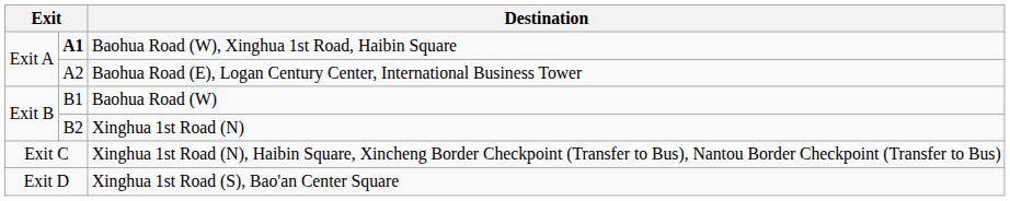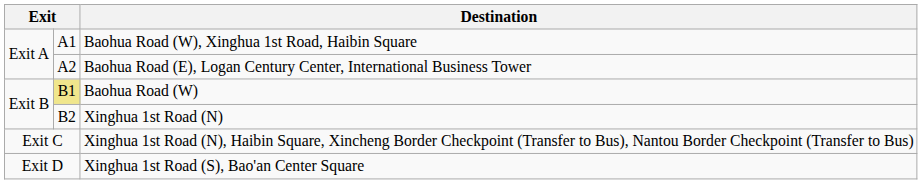 <table class="wikitable">
 <tr>
 <th style="width:70px" colspan="2">Exit</th>
 <th>Destination</th>
 </tr>
 <tr>
 <td align="center" rowspan="2">Exit A</td>
-<td align="center"><strong>A1</strong></td>
+<td align="center">A1</td>
 <td>Baohua Road (W), Xinghua 1st Road, Haibin Square</td>
 </tr>
 <tr>
 <td align="center">A2</td>
 <td>Baohua Road (E), Logan Century Center, International Business Tower</td>
 </tr>
 <tr>
 <td align="center" rowspan="2">Exit B</td>
-<td align="center">B1</td>
+<td align="center" style="background: khaki;">B1</td>
 <td>Baohua Road (W)</td>
 </tr>
 <tr>
 <td align="center">B2</td>
 <td>Xinghua 1st Road (N)</td>
 </tr>
 <tr>
 <td align="center" colspan="2">Exit C</td>
 <td>Xinghua 1st Road (N), Haibin Square, Xincheng Border Checkpoint (Transfer to Bus), Nantou Border Checkpoint (Transfer to Bus)</td>
 </tr>
 <tr>
 <td align="center" colspan="2">Exit D</td>
 <td>Xinghua 1st Road (S), Bao'an Center Square</td>
 </tr>
 </table>
